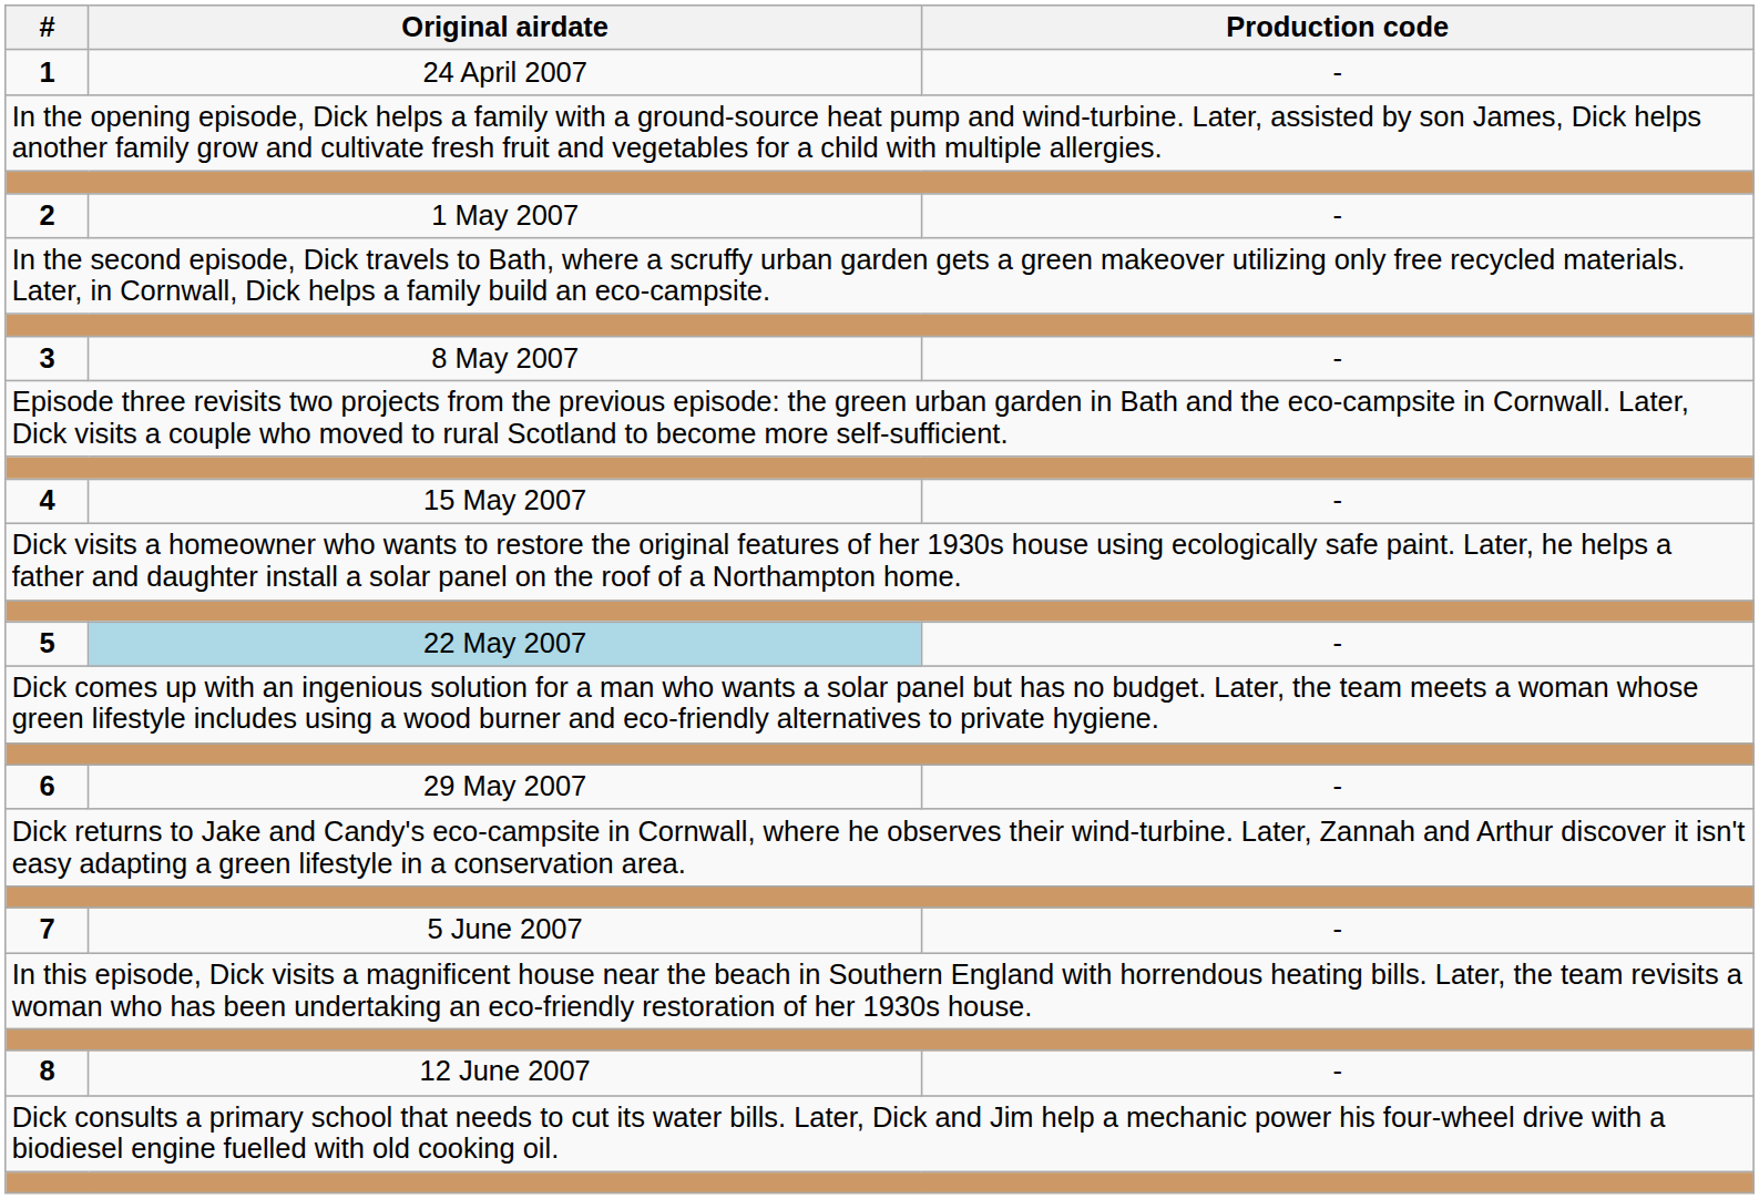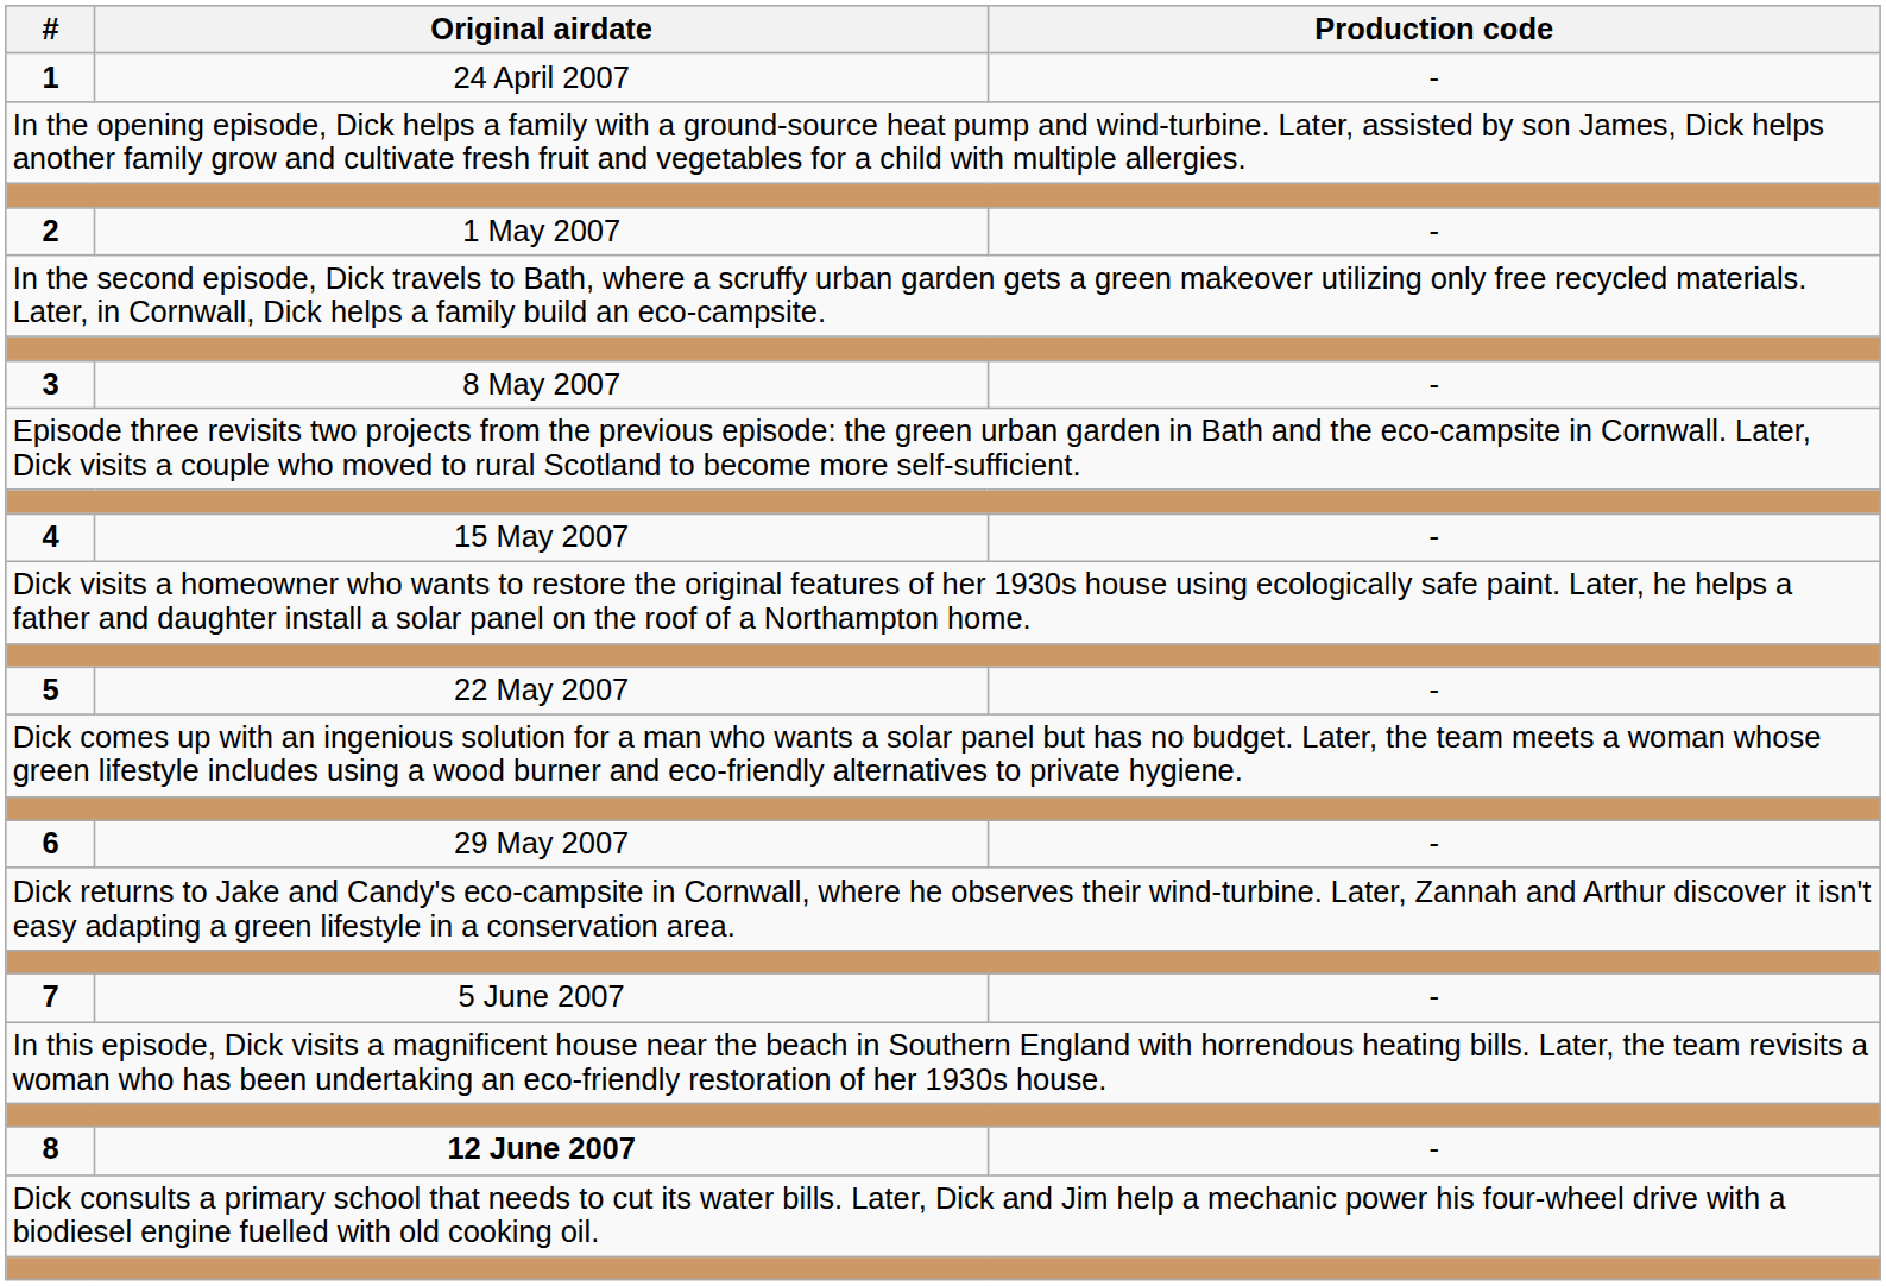 <table class="wikitable">
 <tr>
 <th width="40">#</th>
 <th width="465">Original airdate</th>
 <th width="465">Production code</th>
 </tr>
 <tr>
 <td align="center"><strong> 1 </strong></td>
 <td align="center">24 April 2007</td>
 <td align="center">-</td>
 </tr>
 <tr>
 <td colspan="5">In the opening episode, Dick helps a family with a ground-source heat pump and wind-turbine. Later, assisted by son James, Dick helps another family grow and cultivate fresh fruit and vegetables for a child with multiple allergies.</td>
 </tr>
 <tr>
 <td colspan="6" height="5" bgcolor="#CC9966"></td>
 </tr>
 <tr>
 <td align="center"><strong> 2 </strong></td>
 <td align="center">1 May 2007</td>
 <td align="center">-</td>
 </tr>
 <tr>
 <td colspan="4">In the second episode, Dick travels to Bath, where a scruffy urban garden gets a green makeover utilizing only free recycled materials. Later, in Cornwall, Dick helps a family build an eco-campsite.</td>
 </tr>
 <tr>
 <td colspan="6" height="5" bgcolor="#CC9966"></td>
 </tr>
 <tr>
 <td align="center"><strong> 3 </strong></td>
 <td align="center">8 May 2007</td>
 <td align="center">-</td>
 </tr>
 <tr>
 <td colspan="4">Episode three revisits two projects from the previous episode: the green urban garden in Bath and the eco-campsite in Cornwall. Later, Dick visits a couple who moved to rural Scotland to become more self-sufficient.</td>
 </tr>
 <tr>
 <td colspan="6" height="5" bgcolor="#CC9966"></td>
 </tr>
 <tr>
 <td align="center"><strong> 4 </strong></td>
 <td align="center">15 May 2007</td>
 <td align="center">-</td>
 </tr>
 <tr>
 <td colspan="4">Dick visits a homeowner who wants to restore the original features of her 1930s house using ecologically safe paint. Later, he helps a father and daughter install a solar panel on the roof of a Northampton home.</td>
 </tr>
 <tr>
 <td colspan="6" height="5" bgcolor="#CC9966"></td>
 </tr>
 <tr>
 <td align="center"><strong> 5 </strong></td>
-<td align="center" style="background: lightblue;">22 May 2007</td>
+<td align="center">22 May 2007</td>
 <td align="center">-</td>
 </tr>
 <tr>
 <td colspan="4">Dick comes up with an ingenious solution for a man who wants a solar panel but has no budget. Later, the team meets a woman whose green lifestyle includes using a wood burner and eco-friendly alternatives to private hygiene.</td>
 </tr>
 <tr>
 <td colspan="6" height="5" bgcolor="#CC9966"></td>
 </tr>
 <tr>
 <td align="center"><strong> 6 </strong></td>
 <td align="center">29 May 2007</td>
 <td align="center">-</td>
 </tr>
 <tr>
 <td colspan="4">Dick returns to Jake and Candy's eco-campsite in Cornwall, where he observes their wind-turbine. Later, Zannah and Arthur discover it isn't easy adapting a green lifestyle in a conservation area.</td>
 </tr>
 <tr>
 <td colspan="6" height="5" bgcolor="#CC9966"></td>
 </tr>
 <tr>
 <td align="center"><strong> 7 </strong></td>
 <td align="center">5 June 2007</td>
 <td align="center">-</td>
 </tr>
 <tr>
 <td colspan="4">In this episode, Dick visits a magnificent house near the beach in Southern England with horrendous heating bills. Later, the team revisits a woman who has been undertaking an eco-friendly restoration of her 1930s house.</td>
 </tr>
 <tr>
 <td colspan="6" height="5" bgcolor="#CC9966"></td>
 </tr>
 <tr>
 <td align="center"><strong> 8 </strong></td>
-<td align="center">12 June 2007</td>
+<td align="center"><strong>12 June 2007</strong></td>
 <td align="center">-</td>
 </tr>
 <tr>
 <td colspan="5">Dick consults a primary school that needs to cut its water bills. Later, Dick and Jim help a mechanic power his four-wheel drive with a biodiesel engine fuelled with old cooking oil.</td>
 </tr>
 <tr>
 <td colspan="6" height="5" bgcolor="#CC9966"></td>
 </tr>
 </table>
